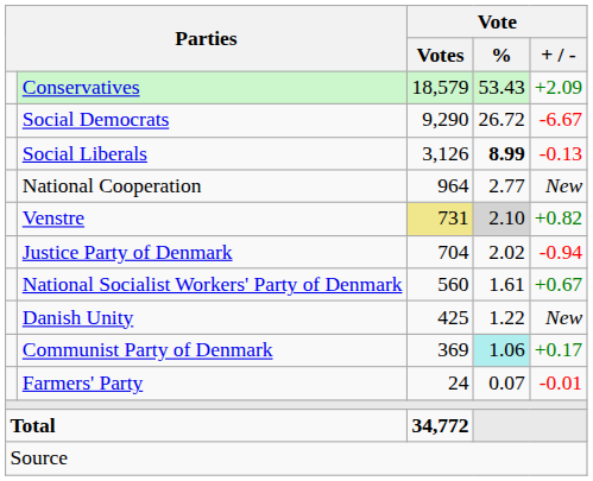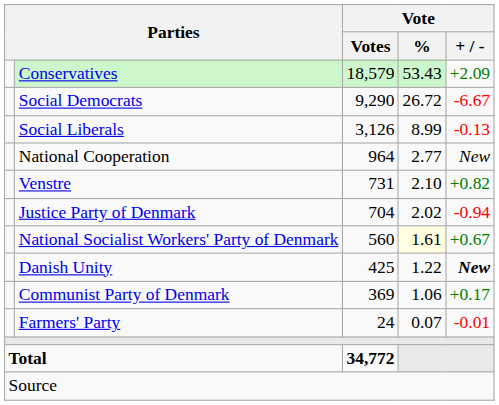 <table class="wikitable" style="text-align:right;">
 <tr>
 <th style="text-align:centre;" rowspan="2" colspan="2" width="225">Parties</th>
 <th colspan="3">Vote</th>
 </tr>
 <tr>
 <th width="15">Votes</th>
 <th width="15">%</th>
 <th width="15">+ / -</th>
 </tr>
 <tr>
 <td width="2" style="color:inherit;background:"></td>
 <td bgcolor=#ccf7cc  align="left"><a href='#'>Conservatives</a></td>
 <td bgcolor=#ccf7cc>18,579</td>
 <td bgcolor=#ccf7cc>53.43</td>
 <td style=color:green;>+2.09</td>
 </tr>
 <tr>
 <td width="2" style="color:inherit;background:"></td>
 <td align="left"><a href='#'>Social Democrats</a></td>
 <td>9,290</td>
 <td>26.72</td>
 <td style=color:red;>-6.67</td>
 </tr>
 <tr>
 <td width="2" style="color:inherit;background:"></td>
 <td align="left"><a href='#'>Social Liberals</a></td>
 <td>3,126</td>
-<td><strong>8.99</strong></td>
+<td>8.99</td>
 <td style=color:red;>-0.13</td>
 </tr>
 <tr>
 <td width="2" style="color:inherit;background:"></td>
 <td align="left">National Cooperation</td>
 <td>964</td>
 <td>2.77</td>
 <td><em>New</em></td>
 </tr>
 <tr>
 <td width="2" style="color:inherit;background:"></td>
 <td align="left"><a href='#'>Venstre</a></td>
-<td style="background: khaki;">731</td>
-<td style="background: lightgrey;">2.10</td>
+<td>731</td>
+<td>2.10</td>
 <td style=color:green;>+0.82</td>
 </tr>
 <tr>
 <td width="2" style="color:inherit;background:"></td>
 <td align="left"><a href='#'>Justice Party of Denmark</a></td>
 <td>704</td>
 <td>2.02</td>
 <td style=color:red;>-0.94</td>
 </tr>
 <tr>
 <td width="2" style="color:inherit;background:"></td>
 <td align="left"><a href='#'>National Socialist Workers' Party of Denmark</a></td>
 <td>560</td>
-<td>1.61</td>
+<td style="background: lightyellow;">1.61</td>
 <td style=color:green;>+0.67</td>
 </tr>
 <tr>
 <td width="2" style="color:inherit;background:"></td>
 <td align="left"><a href='#'>Danish Unity</a></td>
 <td>425</td>
 <td>1.22</td>
-<td><em>New</em></td>
+<td><strong><em>New</em></strong></td>
 </tr>
 <tr>
 <td width="2" style="color:inherit;background:"></td>
 <td align="left"><a href='#'>Communist Party of Denmark</a></td>
 <td>369</td>
-<td style="background: paleturquoise;">1.06</td>
+<td>1.06</td>
 <td style=color:green;>+0.17</td>
 </tr>
 <tr>
 <td width="2" style="color:inherit;background:"></td>
 <td align="left"><a href='#'>Farmers' Party</a></td>
 <td>24</td>
 <td>0.07</td>
 <td style=color:red;>-0.01</td>
 </tr>
 <tr>
 <td colspan="7" bgcolor="#E9E9E9"></td>
 </tr>
 <tr>
 <td align="left" colspan="2"><strong>Total</strong></td>
 <td><strong>34,772</strong></td>
 <td bgcolor="#E9E9E9" colspan="2"></td>
 </tr>
 <tr>
 <td align="left" colspan="6">Source</td>
 </tr>
 </table>
